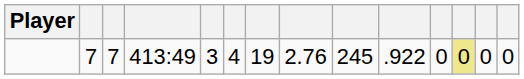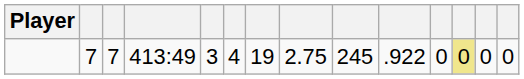 <table class="wikitable sortable" style="text-align:center;">
 <tr>
 <th>Player</th>
 <th></th>
 <th></th>
 <th></th>
 <th></th>
 <th></th>
 <th></th>
 <th></th>
 <th></th>
 <th></th>
 <th></th>
 <th></th>
 <th></th>
 <th></th>
 </tr>
 <tr>
 <td></td>
 <td>7</td>
 <td>7</td>
 <td>413:49</td>
 <td>3</td>
 <td>4</td>
 <td>19</td>
-<td>2.76</td>
+<td>2.75</td>
 <td>245</td>
 <td>.922</td>
 <td>0</td>
 <td style="background: khaki;">0</td>
 <td>0</td>
 <td>0</td>
 </tr>
 </table>
